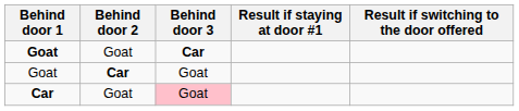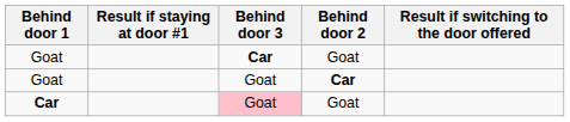 <table class="wikitable" style="margin:left; text-align: center;">
 <tr>
 <th>Behind door 1</th>
+<th>Result if staying at door #1</th>
+<th>Behind door 3</th>
 <th>Behind door 2</th>
-<th>Behind door 3</th>
-<th>Result if staying at door #1</th>
 <th>Result if switching to the door offered</th>
 </tr>
 <tr>
-<td><strong>Goat</strong></td>
 <td>Goat</td>
+<td></td>
 <td><strong>Car</strong></td>
-<td></td>
+<td>Goat</td>
 <td></td>
 </tr>
 <tr>
 <td>Goat</td>
+<td></td>
+<td>Goat</td>
 <td><strong>Car</strong></td>
-<td>Goat</td>
-<td></td>
 <td></td>
 </tr>
 <tr>
 <td><strong>Car</strong></td>
+<td></td>
+<td style="background: pink;">Goat</td>
 <td>Goat</td>
-<td style="background: pink;">Goat</td>
-<td></td>
 <td></td>
 </tr>
 </table>
